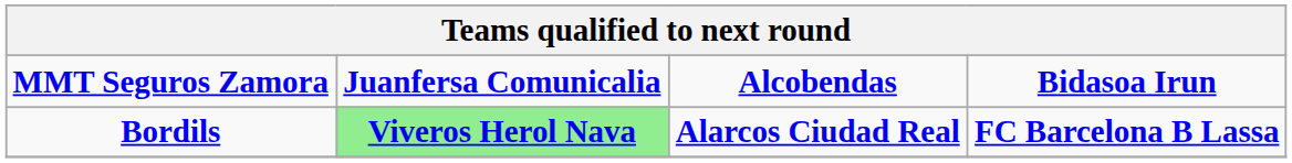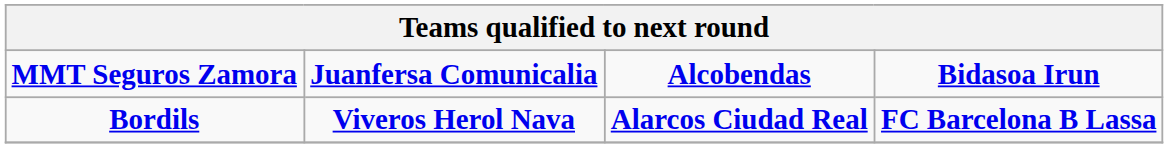 <table class="wikitable" style="text-align: center; margin: 0 auto;">
 <tr>
 <th colspan="4">Teams qualified to next round</th>
 </tr>
 <tr>
 <td><strong><a href='#'>MMT Seguros Zamora</a></strong></td>
 <td><strong><a href='#'>Juanfersa Comunicalia</a></strong></td>
 <td><strong><a href='#'>Alcobendas</a></strong></td>
 <td><strong><a href='#'>Bidasoa Irun</a></strong></td>
 </tr>
 <tr>
 <td><strong><a href='#'>Bordils</a></strong></td>
-<td style="background: lightgreen;"><strong><a href='#'>Viveros Herol Nava</a></strong></td>
+<td><strong><a href='#'>Viveros Herol Nava</a></strong></td>
 <td><strong><a href='#'>Alarcos Ciudad Real</a></strong></td>
 <td><strong><a href='#'>FC Barcelona B Lassa</a></strong></td>
 </tr>
 <tr>
 </tr>
 </table>
